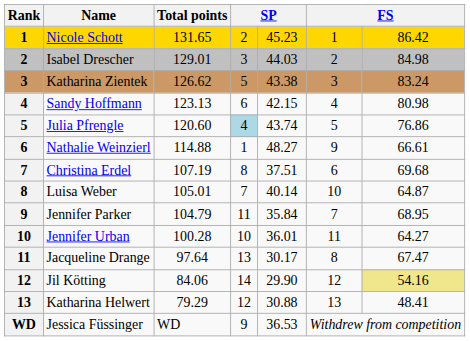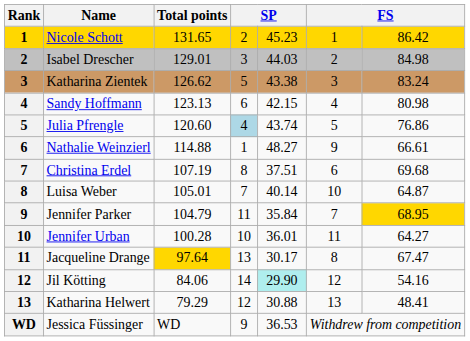 <table class="wikitable sortable">
 <tr>
 <th>Rank</th>
 <th>Name</th>
 <th>Total points</th>
 <th colspan="2" width="80px"><a href='#'>SP</a></th>
 <th colspan="2" width="80px"><a href='#'>FS</a></th>
 </tr>
 <tr bgcolor="gold">
 <td align="center"><strong>1</strong></td>
 <td><a href='#'>Nicole Schott</a></td>
 <td align="center">131.65</td>
 <td align="center">2</td>
 <td align="center">45.23</td>
 <td align="center">1</td>
 <td align="center">86.42</td>
 </tr>
 <tr bgcolor="silver">
 <td align="center"><strong>2</strong></td>
 <td>Isabel Drescher</td>
 <td align="center">129.01</td>
 <td align="center">3</td>
 <td align="center">44.03</td>
 <td align="center">2</td>
 <td align="center">84.98</td>
 </tr>
 <tr bgcolor="cc9966">
 <td align="center"><strong>3</strong></td>
 <td>Katharina Zientek</td>
 <td align="center">126.62</td>
 <td align="center">5</td>
 <td align="center">43.38</td>
 <td align="center">3</td>
 <td align="center">83.24</td>
 </tr>
 <tr>
 <th>4</th>
 <td><a href='#'>Sandy Hoffmann</a></td>
 <td align="center">123.13</td>
 <td align="center">6</td>
 <td align="center">42.15</td>
 <td align="center">4</td>
 <td align="center">80.98</td>
 </tr>
 <tr>
 <th>5</th>
 <td><a href='#'>Julia Pfrengle</a></td>
 <td align="center">120.60</td>
 <td align="center" style="background: lightblue;">4</td>
 <td align="center">43.74</td>
 <td align="center">5</td>
 <td align="center">76.86</td>
 </tr>
 <tr>
 <th>6</th>
 <td><a href='#'>Nathalie Weinzierl</a></td>
 <td align="center">114.88</td>
 <td align="center">1</td>
 <td align="center">48.27</td>
 <td align="center">9</td>
 <td align="center">66.61</td>
 </tr>
 <tr>
 <th>7</th>
 <td><a href='#'>Christina Erdel</a></td>
 <td align="center">107.19</td>
 <td align="center">8</td>
 <td align="center">37.51</td>
 <td align="center">6</td>
 <td align="center">69.68</td>
 </tr>
 <tr>
 <th>8</th>
 <td>Luisa Weber</td>
 <td align="center">105.01</td>
 <td align="center">7</td>
 <td align="center">40.14</td>
 <td align="center">10</td>
 <td align="center">64.87</td>
 </tr>
 <tr>
 <th>9</th>
 <td>Jennifer Parker</td>
 <td align="center">104.79</td>
 <td align="center">11</td>
 <td align="center">35.84</td>
 <td align="center">7</td>
-<td align="center">68.95</td>
+<td align="center" style="background: gold;">68.95</td>
 </tr>
 <tr>
 <th>10</th>
 <td><a href='#'>Jennifer Urban</a></td>
 <td align="center">100.28</td>
 <td align="center">10</td>
 <td align="center">36.01</td>
 <td align="center">11</td>
 <td align="center">64.27</td>
 </tr>
 <tr>
 <th>11</th>
 <td>Jacqueline Drange</td>
-<td align="center">97.64</td>
+<td align="center" style="background: gold;">97.64</td>
 <td align="center">13</td>
 <td align="center">30.17</td>
 <td align="center">8</td>
 <td align="center">67.47</td>
 </tr>
 <tr>
 <th>12</th>
 <td>Jil Kötting</td>
 <td align="center">84.06</td>
 <td align="center">14</td>
-<td align="center">29.90</td>
+<td align="center" style="background: paleturquoise;">29.90</td>
 <td align="center">12</td>
-<td align="center" style="background: khaki;">54.16</td>
+<td align="center">54.16</td>
 </tr>
 <tr>
 <th>13</th>
 <td>Katharina Helwert</td>
 <td align="center">79.29</td>
 <td align="center">12</td>
 <td align="center">30.88</td>
 <td align="center">13</td>
 <td align="center">48.41</td>
 </tr>
 <tr>
 <th>WD</th>
 <td>Jessica Füssinger</td>
 <td>WD</td>
 <td align="center">9</td>
 <td align="center">36.53</td>
 <td colspan="2"><em>Withdrew from competition</em></td>
 </tr>
 </table>
